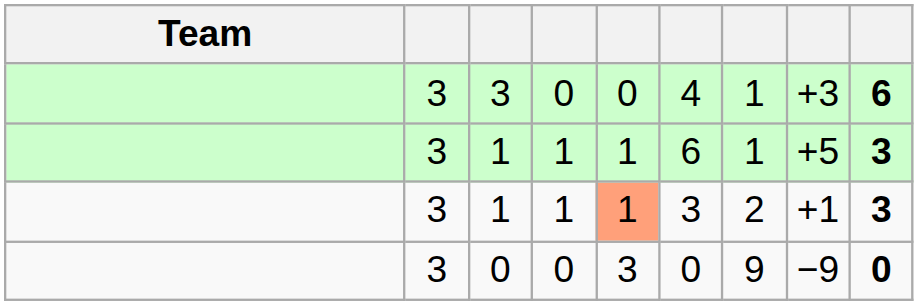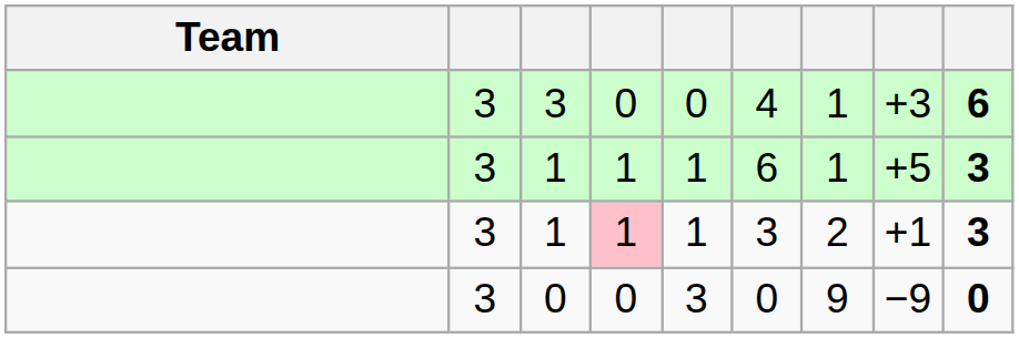 <table class="wikitable" style="text-align: center;">
 <tr>
 <th width="165">Team</th>
 <th width="20"></th>
 <th width="20"></th>
 <th width="20"></th>
 <th width="20"></th>
 <th width="20"></th>
 <th width="20"></th>
 <th width="20"></th>
 <th width="20"></th>
 </tr>
 <tr bgcolor=ccffcc>
 <td style="text-align:left;"></td>
 <td>3</td>
 <td>3</td>
 <td>0</td>
 <td>0</td>
 <td>4</td>
 <td>1</td>
 <td>+3</td>
 <td><strong>6</strong></td>
 </tr>
 <tr bgcolor=ccffcc>
 <td style="text-align:left;"></td>
 <td>3</td>
 <td>1</td>
 <td>1</td>
 <td>1</td>
 <td>6</td>
 <td>1</td>
 <td>+5</td>
 <td><strong>3</strong></td>
 </tr>
 <tr>
 <td style="text-align:left;"></td>
 <td>3</td>
 <td>1</td>
+<td style="background: pink;">1</td>
 <td>1</td>
-<td style="background: lightsalmon;">1</td>
 <td>3</td>
 <td>2</td>
 <td>+1</td>
 <td><strong>3</strong></td>
 </tr>
 <tr>
 <td style="text-align:left;"></td>
 <td>3</td>
 <td>0</td>
 <td>0</td>
 <td>3</td>
 <td>0</td>
 <td>9</td>
 <td>−9</td>
 <td><strong>0</strong></td>
 </tr>
 </table>
